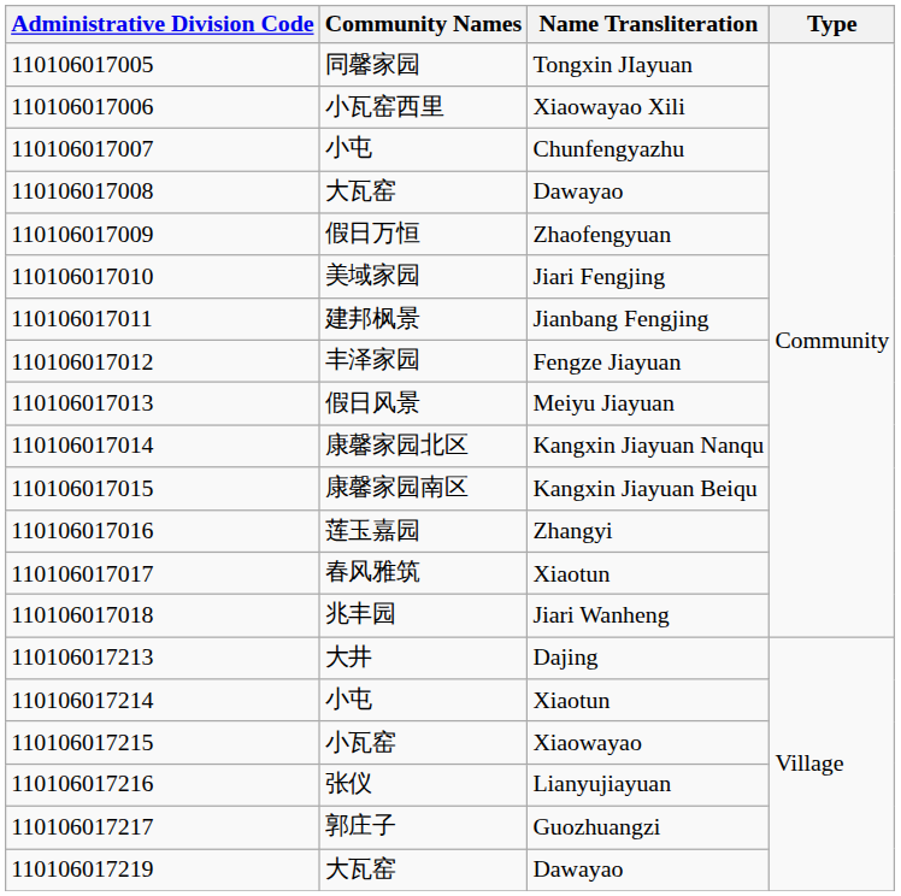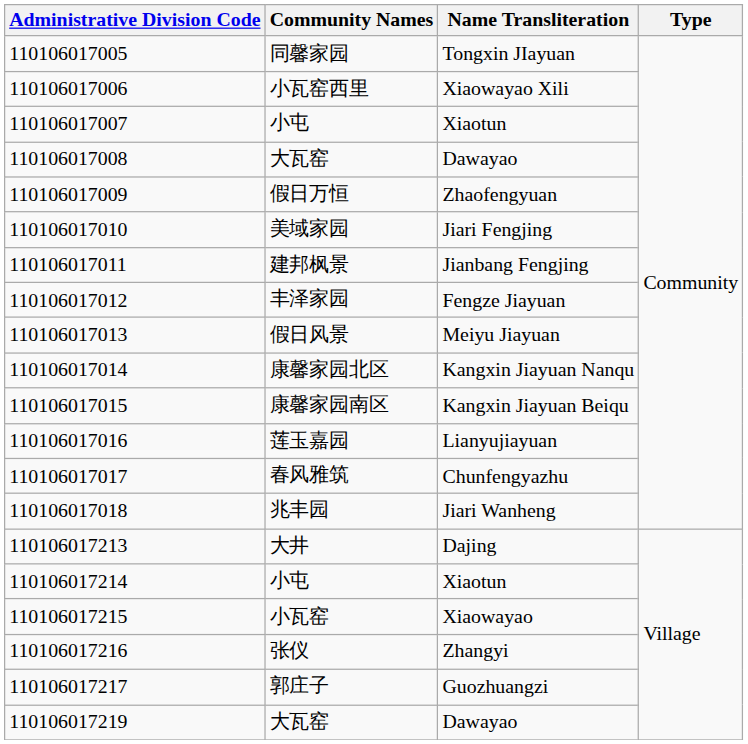 <table class="wikitable sortable">
 <tr>
 <th><a href='#'>Administrative Division Code</a></th>
 <th>Community Names</th>
 <th>Name Transliteration</th>
 <th>Type</th>
 </tr>
 <tr>
 <td>110106017005</td>
 <td>同馨家园</td>
 <td>Tongxin JIayuan</td>
 <td rowspan="14">Community</td>
 </tr>
 <tr>
 <td>110106017006</td>
 <td>小瓦窑西里</td>
 <td>Xiaowayao Xili</td>
 </tr>
 <tr>
 <td>110106017007</td>
 <td>小屯</td>
-<td>Chunfengyazhu</td>
+<td>Xiaotun</td>
 </tr>
 <tr>
 <td>110106017008</td>
 <td>大瓦窑</td>
 <td>Dawayao</td>
 </tr>
 <tr>
 <td>110106017009</td>
 <td>假日万恒</td>
 <td>Zhaofengyuan</td>
 </tr>
 <tr>
 <td>110106017010</td>
 <td>美域家园</td>
 <td>Jiari Fengjing</td>
 </tr>
 <tr>
 <td>110106017011</td>
 <td>建邦枫景</td>
 <td>Jianbang Fengjing</td>
 </tr>
 <tr>
 <td>110106017012</td>
 <td>丰泽家园</td>
 <td>Fengze Jiayuan</td>
 </tr>
 <tr>
 <td>110106017013</td>
 <td>假日风景</td>
 <td>Meiyu Jiayuan</td>
 </tr>
 <tr>
 <td>110106017014</td>
 <td>康馨家园北区</td>
 <td>Kangxin Jiayuan Nanqu</td>
 </tr>
 <tr>
 <td>110106017015</td>
 <td>康馨家园南区</td>
 <td>Kangxin Jiayuan Beiqu</td>
 </tr>
 <tr>
 <td>110106017016</td>
 <td>莲玉嘉园</td>
-<td>Zhangyi</td>
+<td>Lianyujiayuan</td>
 </tr>
 <tr>
 <td>110106017017</td>
 <td>春风雅筑</td>
-<td>Xiaotun</td>
+<td>Chunfengyazhu</td>
 </tr>
 <tr>
 <td>110106017018</td>
 <td>兆丰园</td>
 <td>Jiari Wanheng</td>
 </tr>
 <tr>
 <td>110106017213</td>
 <td>大井</td>
 <td>Dajing</td>
 <td rowspan="6">Village</td>
 </tr>
 <tr>
 <td>110106017214</td>
 <td>小屯</td>
 <td>Xiaotun</td>
 </tr>
 <tr>
 <td>110106017215</td>
 <td>小瓦窑</td>
 <td>Xiaowayao</td>
 </tr>
 <tr>
 <td>110106017216</td>
 <td>张仪</td>
-<td>Lianyujiayuan</td>
+<td>Zhangyi</td>
 </tr>
 <tr>
 <td>110106017217</td>
 <td>郭庄子</td>
 <td>Guozhuangzi</td>
 </tr>
 <tr>
 <td>110106017219</td>
 <td>大瓦窑</td>
 <td>Dawayao</td>
 </tr>
 </table>
